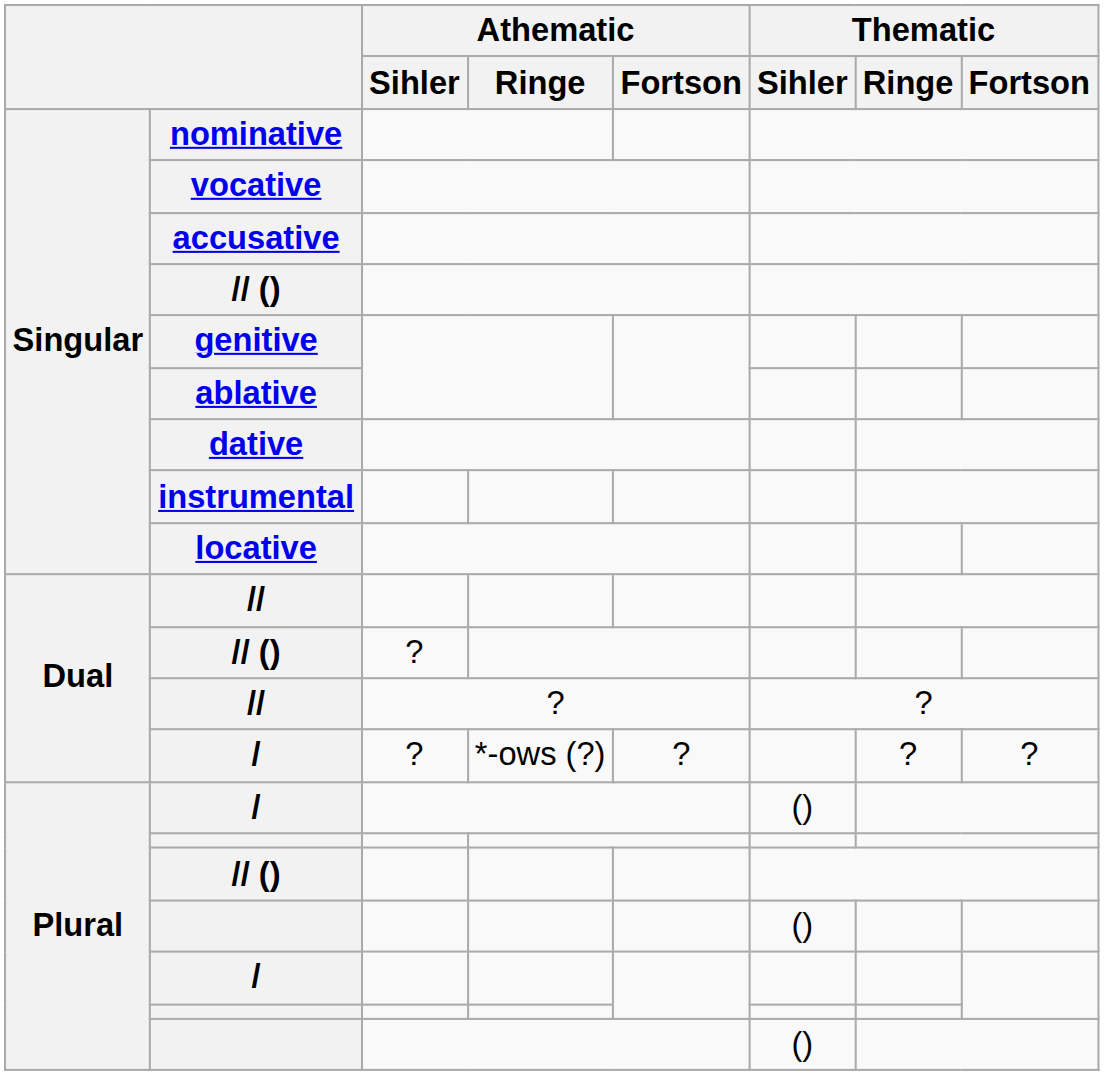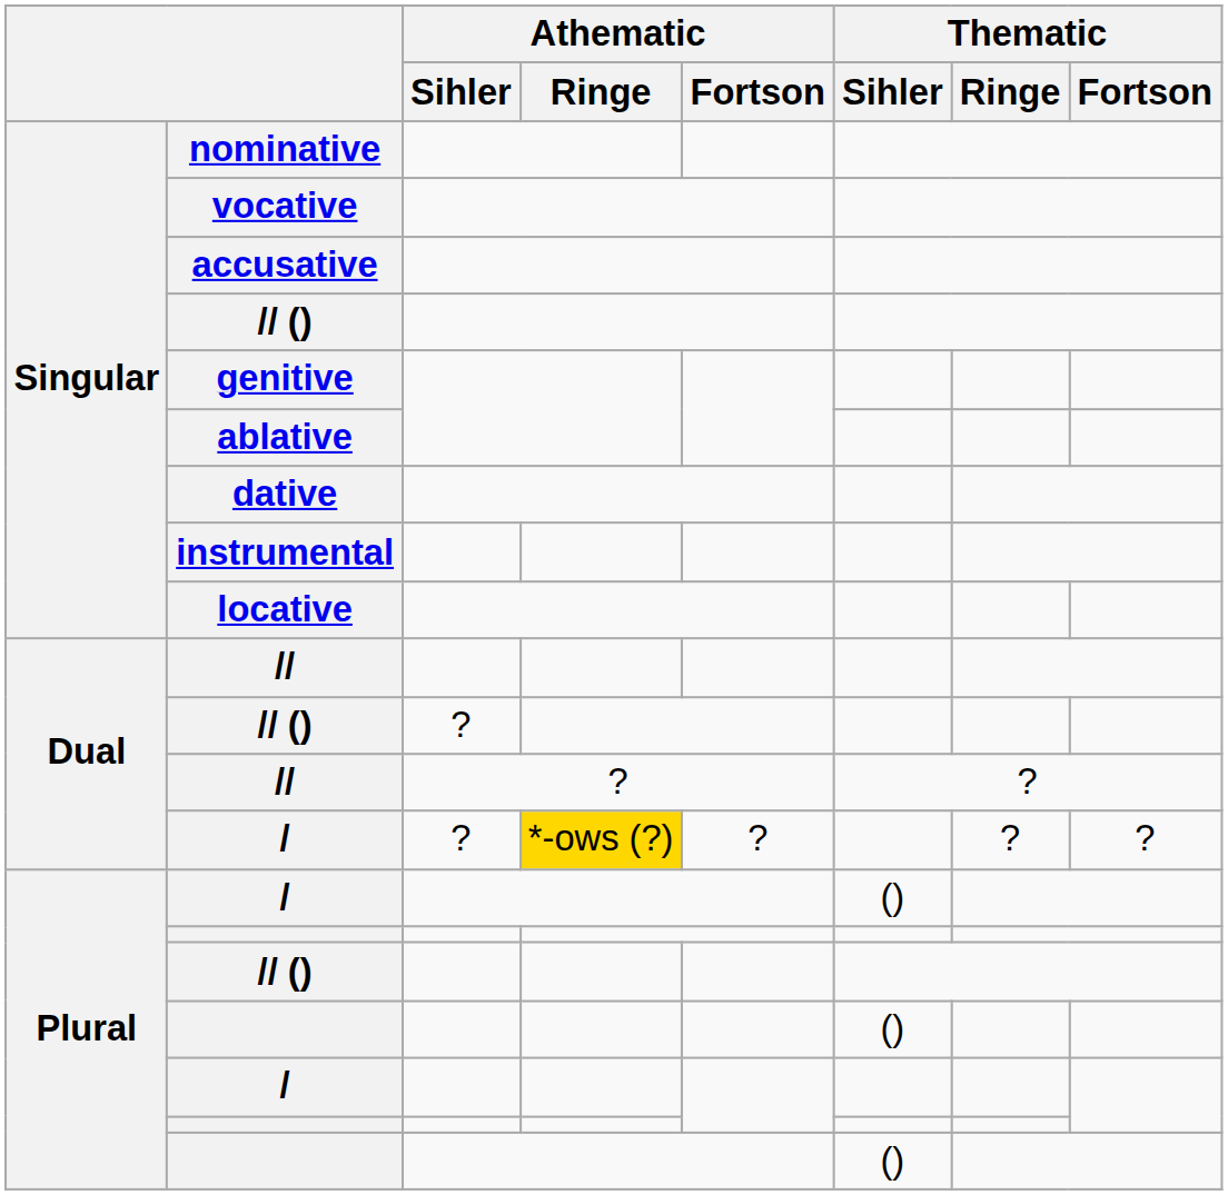 <table class="wikitable" style="text-align: center;">
 <tr>
 <th rowspan="2" colspan="2"></th>
 <th colspan="3">Athematic</th>
 <th colspan="3">Thematic</th>
 </tr>
 <tr>
 <th>Sihler</th>
 <th>Ringe</th>
 <th>Fortson</th>
 <th>Sihler</th>
 <th>Ringe</th>
 <th>Fortson</th>
 </tr>
 <tr>
 <th rowspan=9>Singular</th>
 <th><a href='#'>nominative</a></th>
 <td colspan=2></td>
 <td></td>
 <td colspan=3></td>
 </tr>
 <tr>
 <th><a href='#'>vocative</a></th>
 <td colspan=3></td>
 <td colspan=3></td>
 </tr>
 <tr>
 <th><a href='#'>accusative</a></th>
 <td colspan=3></td>
 <td colspan=3></td>
 </tr>
 <tr>
 <th>// ()</th>
 <td colspan=3></td>
 <td colspan=3></td>
 </tr>
 <tr>
 <th><a href='#'>genitive</a></th>
 <td rowspan="2" colspan="2"></td>
 <td rowspan="2"></td>
 <td></td>
 <td></td>
 <td></td>
 </tr>
 <tr>
 <th><a href='#'>ablative</a></th>
 <td></td>
 <td></td>
 <td></td>
 </tr>
 <tr>
 <th><a href='#'>dative</a></th>
 <td colspan="3"></td>
 <td></td>
 <td colspan="2"></td>
 </tr>
 <tr>
 <th><a href='#'>instrumental</a></th>
 <td></td>
 <td></td>
 <td></td>
 <td></td>
 <td colspan=2> </td>
 </tr>
 <tr>
 <th><a href='#'>locative</a></th>
 <td colspan="3"></td>
 <td></td>
 <td></td>
 <td></td>
 </tr>
 <tr>
 <th rowspan=4>Dual</th>
 <th>//</th>
 <td></td>
 <td></td>
 <td></td>
 <td></td>
 <td colspan=2></td>
 </tr>
 <tr>
 <th>// ()</th>
 <td>?</td>
 <td colspan=2></td>
 <td></td>
 <td></td>
 <td></td>
 </tr>
 <tr>
 <th>//</th>
 <td colspan="3">?</td>
 <td colspan="3">?</td>
 </tr>
 <tr>
 <th>/</th>
 <td>?</td>
-<td>*-ows (?)</td>
+<td style="background: gold;">*-ows (?)</td>
 <td>?</td>
 <td></td>
 <td>?</td>
 <td>?</td>
 </tr>
 <tr>
 <th rowspan=7>Plural</th>
 <th>/</th>
 <td colspan=3></td>
 <td> ()</td>
 <td colspan=2></td>
 </tr>
 <tr>
 <th></th>
 <td></td>
 <td colspan=2></td>
 <td></td>
 <td colspan=2></td>
 </tr>
 <tr>
 <th>// ()</th>
 <td></td>
 <td></td>
 <td></td>
 <td colspan=3></td>
 </tr>
 <tr>
 <th></th>
 <td></td>
 <td></td>
 <td></td>
 <td> ()</td>
 <td></td>
 <td></td>
 </tr>
 <tr>
 <th>/</th>
 <td></td>
 <td></td>
 <td rowspan=2></td>
 <td></td>
 <td></td>
 <td rowspan=2></td>
 </tr>
 <tr>
 <th></th>
 <td></td>
 <td></td>
 <td></td>
 <td></td>
 </tr>
 <tr>
 <th></th>
 <td colspan="3"></td>
 <td> ()</td>
 <td colspan=2></td>
 </tr>
 </table>
